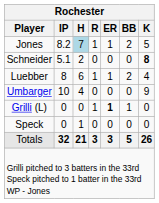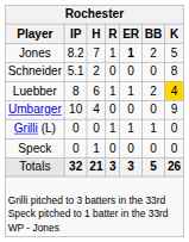 <table class="wikitable" style="float:left;">
 <tr style="text-align:center;">
 <th colspan=7>Rochester</th>
 </tr>
 <tr style="text-align:center;">
 <th>Player</th>
 <th>IP</th>
 <th>H</th>
 <th>R</th>
 <th>ER</th>
 <th>BB</th>
 <th>K</th>
 </tr>
 <tr style="text-align:center;">
 <td align=center>Jones</td>
 <td>8.2</td>
-<td style="background: lightblue;">7</td>
+<td>7</td>
 <td>1</td>
-<td>1</td>
+<td><strong>1</strong></td>
 <td>2</td>
 <td>5</td>
 </tr>
 <tr style="text-align:center;">
 <td align=center>Schneider</td>
 <td>5.1</td>
 <td>2</td>
 <td>0</td>
 <td>0</td>
 <td>0</td>
-<td><strong>8</strong></td>
+<td>8</td>
 </tr>
 <tr style="text-align:center;">
 <td align=center>Luebber</td>
 <td>8</td>
 <td>6</td>
 <td>1</td>
 <td>1</td>
 <td>2</td>
-<td>4</td>
+<td style="background: gold;">4</td>
 </tr>
 <tr style="text-align:center;">
 <td align=center><a href='#'>Umbarger</a></td>
 <td>10</td>
 <td>4</td>
 <td>0</td>
 <td>0</td>
 <td>0</td>
 <td>9</td>
 </tr>
 <tr style="text-align:center;">
 <td align=center><a href='#'>Grilli</a> (L)</td>
 <td>0</td>
 <td>0</td>
 <td>1</td>
-<td><strong>1</strong></td>
+<td>1</td>
 <td>1</td>
 <td>0</td>
 </tr>
 <tr style="text-align:center;">
 <td align=center>Speck</td>
 <td>0</td>
 <td>1</td>
 <td>0</td>
 <td>0</td>
 <td>0</td>
 <td>0</td>
 </tr>
 <tr style="text-align:center;background-color:#e6e6e6;">
 <td align=center>Totals</td>
 <th>32</th>
 <th>21</th>
 <th>3</th>
 <th>3</th>
 <th>5</th>
 <th>26</th>
 </tr>
 <tr style="text-align:left;">
 <td colspan=7><br><small>Grilli pitched to 3 batters in the 33rd <br>Speck pitched to 1 batter in the 33rd <br>WP - Jones</small></td>
 </tr>
 </table>
